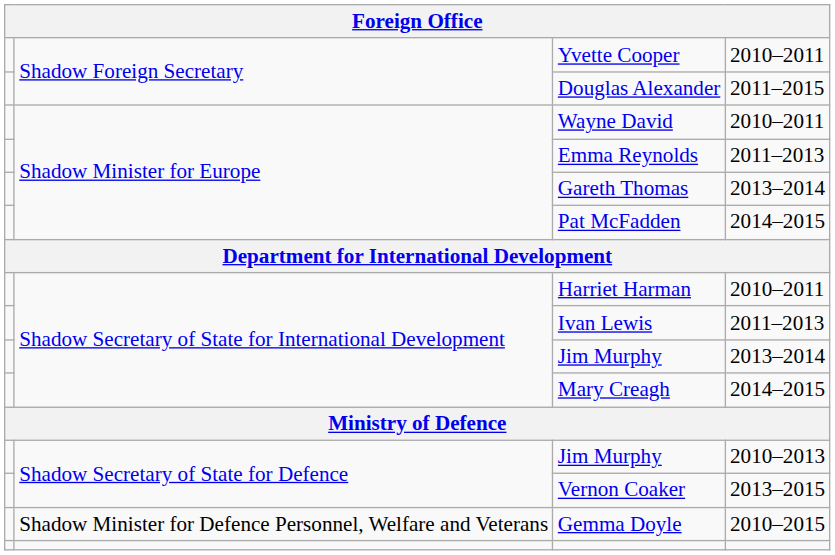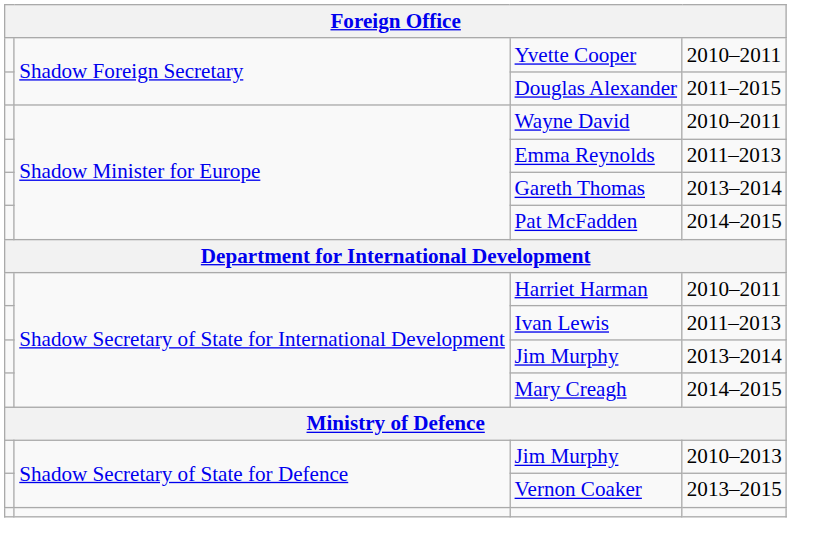 <table class="wikitable">
 <tr>
 <th colspan="4"><a href='#'>Foreign Office</a></th>
 </tr>
 <tr>
 <td style="background: "></td>
 <td rowspan="2"><a href='#'>Shadow Foreign Secretary</a></td>
 <td><a href='#'>Yvette Cooper</a></td>
 <td>2010–2011</td>
 </tr>
 <tr>
 <td style="background: "></td>
 <td><a href='#'>Douglas Alexander</a></td>
 <td>2011–2015</td>
 </tr>
 <tr>
 <td style="background: "></td>
 <td rowspan="4"><a href='#'>Shadow Minister for Europe</a></td>
 <td><a href='#'>Wayne David</a></td>
 <td>2010–2011</td>
 </tr>
 <tr>
 <td style="background: "></td>
 <td><a href='#'>Emma Reynolds</a></td>
 <td>2011–2013</td>
 </tr>
 <tr>
 <td style="background: "></td>
 <td><a href='#'>Gareth Thomas</a></td>
 <td>2013–2014</td>
 </tr>
 <tr>
 <td style="background: "></td>
 <td><a href='#'>Pat McFadden</a></td>
 <td>2014–2015</td>
 </tr>
 <tr>
 <th colspan="4"><a href='#'>Department for International Development</a></th>
 </tr>
 <tr>
 <td style="background: "></td>
 <td rowspan="4"><a href='#'>Shadow Secretary of State for International Development</a></td>
 <td><a href='#'>Harriet Harman</a></td>
 <td>2010–2011</td>
 </tr>
 <tr>
 <td style="background: "></td>
 <td><a href='#'>Ivan Lewis</a></td>
 <td>2011–2013</td>
 </tr>
 <tr>
 <td style="background: "></td>
 <td><a href='#'>Jim Murphy</a></td>
 <td>2013–2014</td>
 </tr>
 <tr>
 <td style="background: "></td>
 <td><a href='#'>Mary Creagh</a></td>
 <td>2014–2015</td>
 </tr>
 <tr>
 <th colspan="4"><a href='#'>Ministry of Defence</a></th>
 </tr>
 <tr>
 <td style="background: "></td>
 <td rowspan="2"><a href='#'>Shadow Secretary of State for Defence</a></td>
 <td><a href='#'>Jim Murphy</a></td>
 <td>2010–2013</td>
 </tr>
 <tr>
 <td style="background: "></td>
 <td><a href='#'>Vernon Coaker</a></td>
 <td>2013–2015</td>
 </tr>
 <tr>
 <td style="background: "></td>
-<td>Shadow Minister for Defence Personnel, Welfare and Veterans</td>
-<td><a href='#'>Gemma Doyle</a></td>
-<td>2010–2015</td>
-</tr>
-<tr>
-<td style="background: "></td>
 <td></td>
 <td></td>
 <td></td>
 </tr>
 </table>
